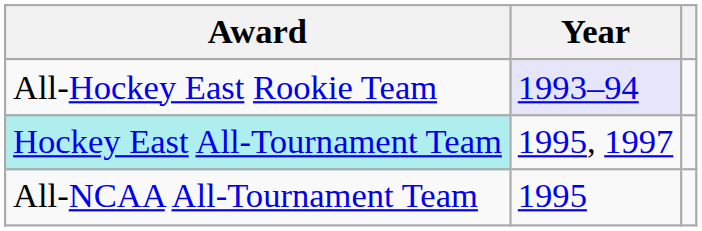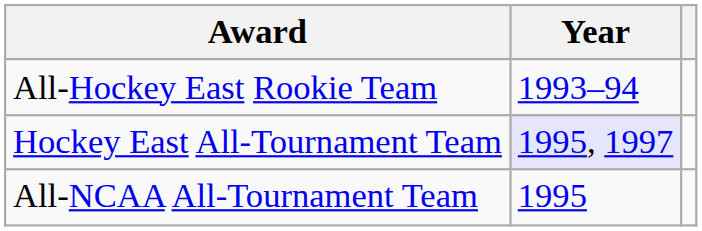 <table class="wikitable">
 <tr>
 <th>Award</th>
 <th>Year</th>
 <th></th>
 </tr>
 <tr>
 <td>All-<a href='#'>Hockey East</a> <a href='#'>Rookie Team</a></td>
-<td style="background: lavender;"><a href='#'>1993–94</a></td>
+<td><a href='#'>1993–94</a></td>
 <td></td>
 </tr>
 <tr>
-<td style="background: paleturquoise;"><a href='#'>Hockey East</a> <a href='#'>All-Tournament Team</a></td>
-<td><a href='#'>1995</a>, <a href='#'>1997</a></td>
+<td><a href='#'>Hockey East</a> <a href='#'>All-Tournament Team</a></td>
+<td style="background: lavender;"><a href='#'>1995</a>, <a href='#'>1997</a></td>
 <td></td>
 </tr>
 <tr>
 <td>All-<a href='#'>NCAA</a> <a href='#'>All-Tournament Team</a></td>
 <td><a href='#'>1995</a></td>
 <td></td>
 </tr>
 </table>
